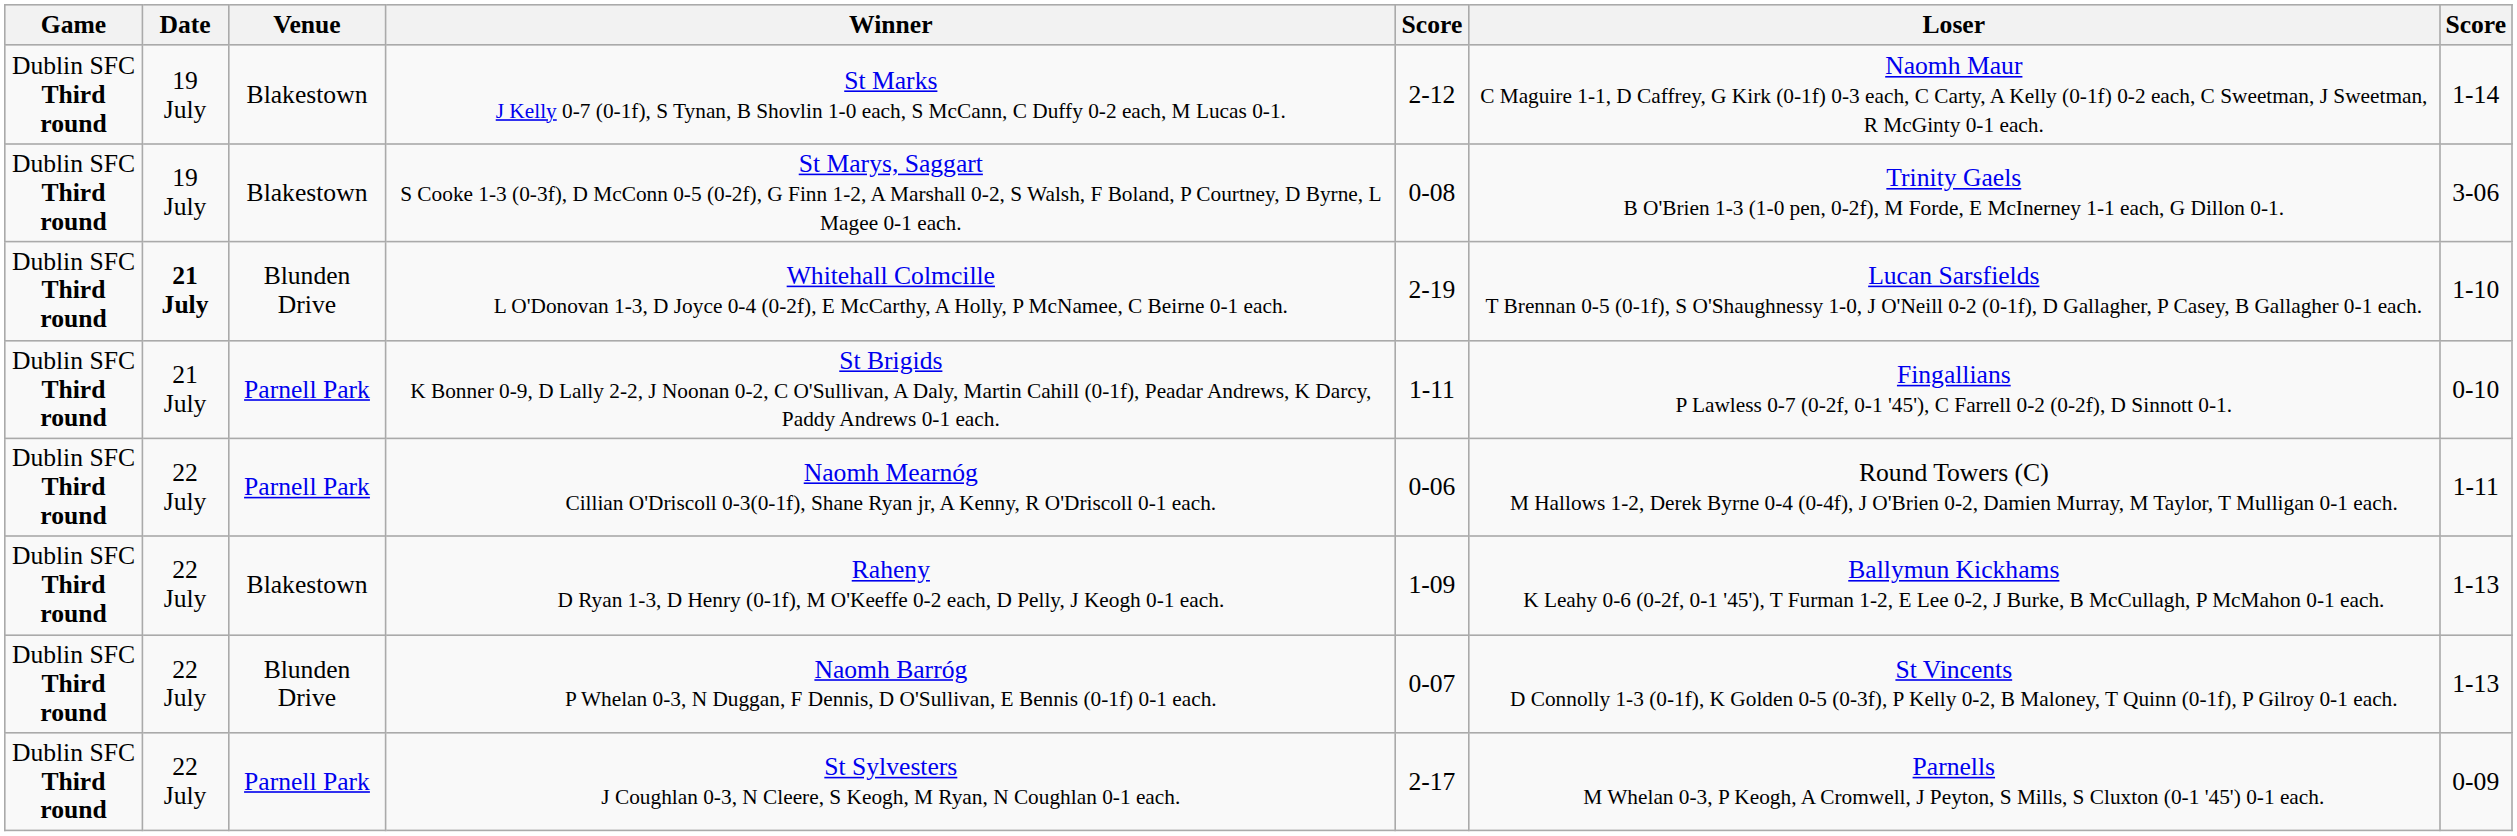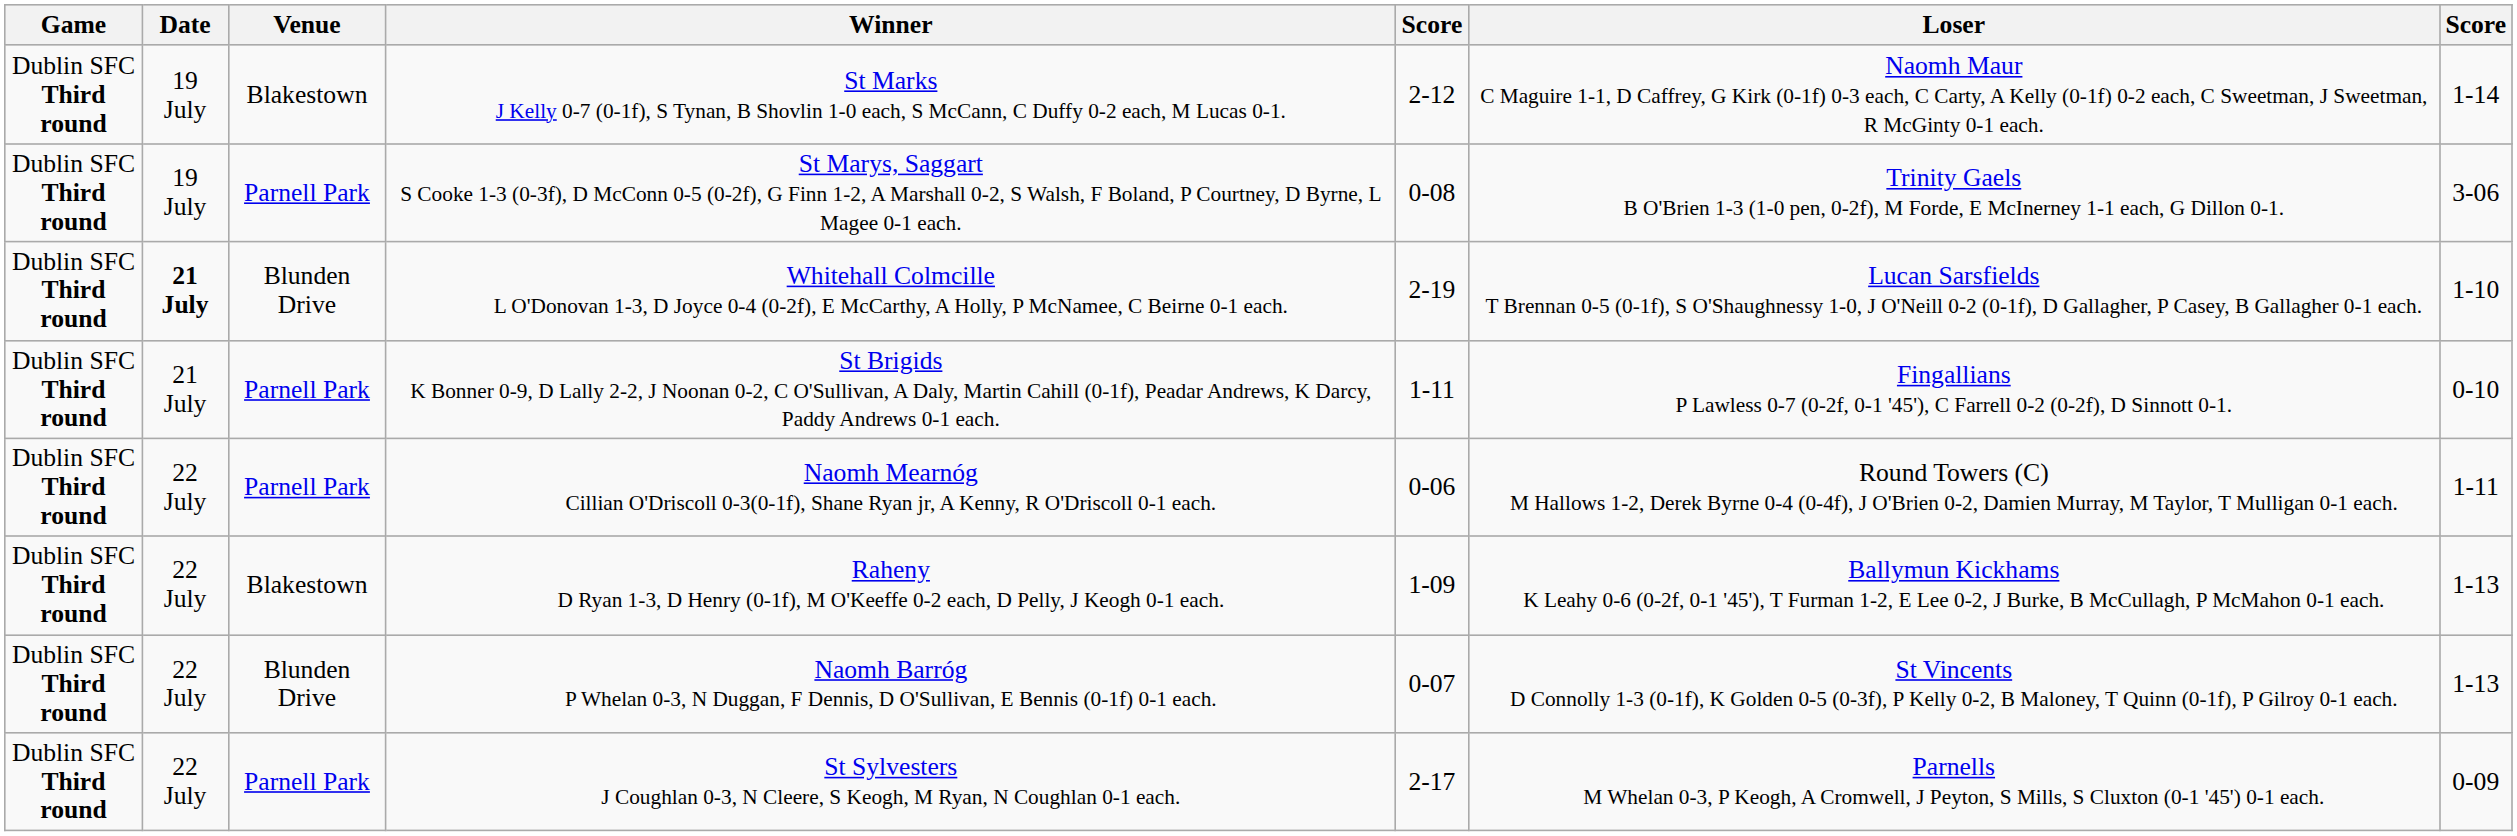 <table class="wikitable">
 <tr>
 <th>Game</th>
 <th>Date</th>
 <th>Venue</th>
 <th>Winner</th>
 <th>Score</th>
 <th>Loser</th>
 <th>Score</th>
 </tr>
 <tr align="center">
 <td>Dublin SFC<br><strong>Third round</strong></td>
 <td>19 July</td>
 <td>Blakestown</td>
 <td><a href='#'>St Marks</a><br><small><a href='#'>J Kelly</a> 0-7 (0-1f), S Tynan, B Shovlin 1-0 each, S McCann, C Duffy 0-2 each, M Lucas 0-1.</small></td>
 <td>2-12</td>
 <td><a href='#'>Naomh Maur</a><br><small>C Maguire 1-1, D Caffrey, G Kirk (0-1f) 0-3 each, C Carty, A Kelly (0-1f) 0-2 each, C Sweetman, J Sweetman, R McGinty 0-1 each.</small></td>
 <td>1-14</td>
 </tr>
 <tr align="center">
 <td>Dublin SFC<br><strong>Third round</strong></td>
 <td>19 July</td>
-<td>Blakestown</td>
+<td><a href='#'>Parnell Park</a></td>
 <td><a href='#'>St Marys, Saggart</a><br><small>S Cooke 1-3 (0-3f), D McConn 0-5 (0-2f), G Finn 1-2, A Marshall 0-2, S Walsh, F Boland, P Courtney, D Byrne, L Magee 0-1 each.</small></td>
 <td>0-08</td>
 <td><a href='#'>Trinity Gaels</a><br><small>B O'Brien 1-3 (1-0 pen, 0-2f), M Forde, E McInerney 1-1 each, G Dillon 0-1.</small></td>
 <td>3-06</td>
 </tr>
 <tr align="center">
 <td>Dublin SFC<br><strong>Third round</strong></td>
 <td><strong>21 July</strong></td>
 <td>Blunden Drive</td>
 <td><a href='#'>Whitehall Colmcille</a><br><small>L O'Donovan 1-3, D Joyce 0-4 (0-2f), E McCarthy, A Holly, P McNamee, C Beirne 0-1 each.</small></td>
 <td>2-19</td>
 <td><a href='#'>Lucan Sarsfields</a><br><small>T Brennan 0-5 (0-1f), S O'Shaughnessy 1-0, J O'Neill 0-2 (0-1f), D Gallagher, P Casey, B Gallagher 0-1 each.</small></td>
 <td>1-10</td>
 </tr>
 <tr align="center">
 <td>Dublin SFC<br><strong>Third round</strong></td>
 <td>21 July</td>
 <td><a href='#'>Parnell Park</a></td>
 <td><a href='#'>St Brigids</a><br><small>K Bonner 0-9, D Lally 2-2, J Noonan 0-2, C O'Sullivan, A Daly, Martin Cahill (0-1f), Peadar Andrews, K Darcy, Paddy Andrews 0-1 each.</small></td>
 <td>1-11</td>
 <td><a href='#'>Fingallians</a><br><small>P Lawless 0-7 (0-2f, 0-1 '45'), C Farrell 0-2 (0-2f), D Sinnott 0-1.</small></td>
 <td>0-10</td>
 </tr>
 <tr align="center">
 <td>Dublin SFC<br><strong>Third round</strong></td>
 <td>22 July</td>
 <td><a href='#'>Parnell Park</a></td>
 <td><a href='#'>Naomh Mearnóg</a><br><small>Cillian O'Driscoll 0-3(0-1f), Shane Ryan jr, A Kenny, R O'Driscoll 0-1 each.</small></td>
 <td>0-06</td>
 <td>Round Towers (C)<br><small>M Hallows 1-2, Derek Byrne 0-4 (0-4f), J O'Brien 0-2, Damien Murray, M Taylor, T Mulligan 0-1 each.</small></td>
 <td>1-11</td>
 </tr>
 <tr align="center">
 <td>Dublin SFC<br><strong>Third round</strong></td>
 <td>22 July</td>
 <td>Blakestown</td>
 <td><a href='#'>Raheny</a><br><small>D Ryan 1-3, D Henry (0-1f), M O'Keeffe 0-2 each, D Pelly, J Keogh 0-1 each.</small></td>
 <td>1-09</td>
 <td><a href='#'>Ballymun Kickhams</a><br><small>K Leahy 0-6 (0-2f, 0-1 '45'), T Furman 1-2, E Lee 0-2, J Burke, B McCullagh, P McMahon 0-1 each.</small></td>
 <td>1-13</td>
 </tr>
 <tr align="center">
 <td>Dublin SFC<br><strong>Third round</strong></td>
 <td>22 July</td>
 <td>Blunden Drive</td>
 <td><a href='#'>Naomh Barróg</a><br><small>P Whelan 0-3, N Duggan, F Dennis, D O'Sullivan, E Bennis (0-1f) 0-1 each.</small></td>
 <td>0-07</td>
 <td><a href='#'>St Vincents</a><br><small>D Connolly 1-3 (0-1f), K Golden 0-5 (0-3f), P Kelly 0-2, B Maloney, T Quinn (0-1f), P Gilroy 0-1 each.</small></td>
 <td>1-13</td>
 </tr>
 <tr align="center">
 <td>Dublin SFC<br><strong>Third round</strong></td>
 <td>22 July</td>
 <td><a href='#'>Parnell Park</a></td>
 <td><a href='#'>St Sylvesters</a><br><small>J Coughlan 0-3, N Cleere, S Keogh, M Ryan, N Coughlan 0-1 each.</small></td>
 <td>2-17</td>
 <td><a href='#'>Parnells</a><br><small>M Whelan 0-3, P Keogh, A Cromwell, J Peyton, S Mills, S Cluxton (0-1 '45') 0-1 each.</small></td>
 <td>0-09</td>
 </tr>
 </table>
